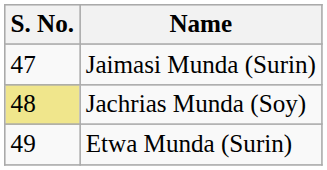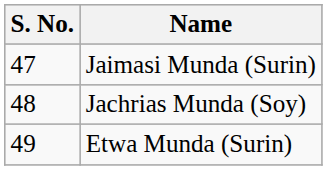 <table class="wikitable">
 <tr>
 <th>S. No.</th>
 <th>Name</th>
 </tr>
 <tr>
 <td>47</td>
 <td>Jaimasi Munda (Surin)</td>
 </tr>
 <tr>
-<td style="background: khaki;">48</td>
+<td>48</td>
 <td>Jachrias Munda (Soy)</td>
 </tr>
 <tr>
 <td>49</td>
 <td>Etwa Munda (Surin)</td>
 </tr>
 </table>
